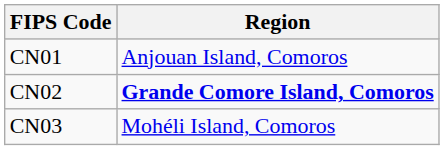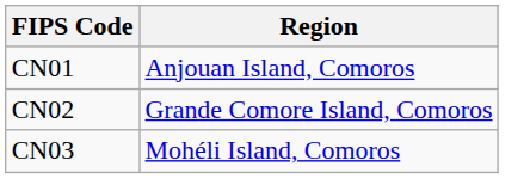 <table class="wikitable">
 <tr>
 <th>FIPS Code</th>
 <th>Region</th>
 </tr>
 <tr>
 <td>CN01</td>
 <td><a href='#'>Anjouan Island, Comoros</a></td>
 </tr>
 <tr>
 <td>CN02</td>
-<td><strong><a href='#'>Grande Comore Island, Comoros</a></strong></td>
+<td><a href='#'>Grande Comore Island, Comoros</a></td>
 </tr>
 <tr>
 <td>CN03</td>
 <td><a href='#'>Mohéli Island, Comoros</a></td>
 </tr>
 </table>
